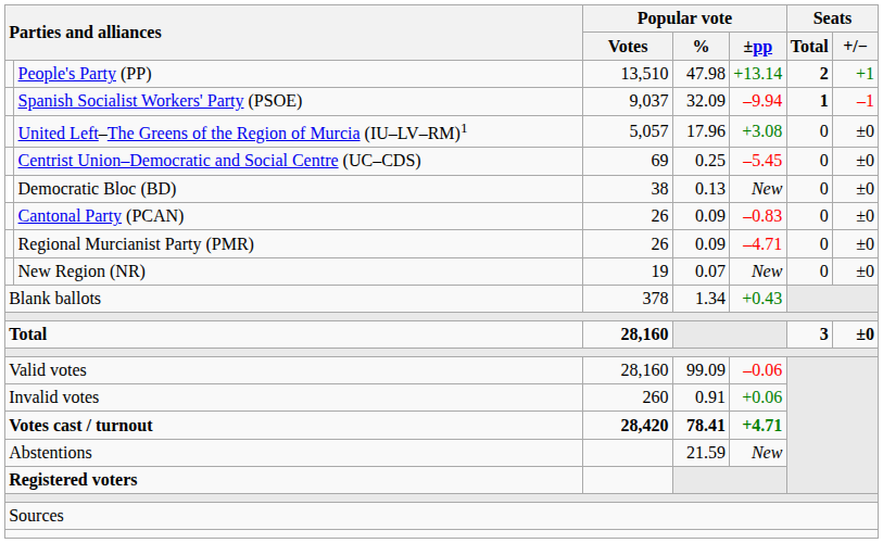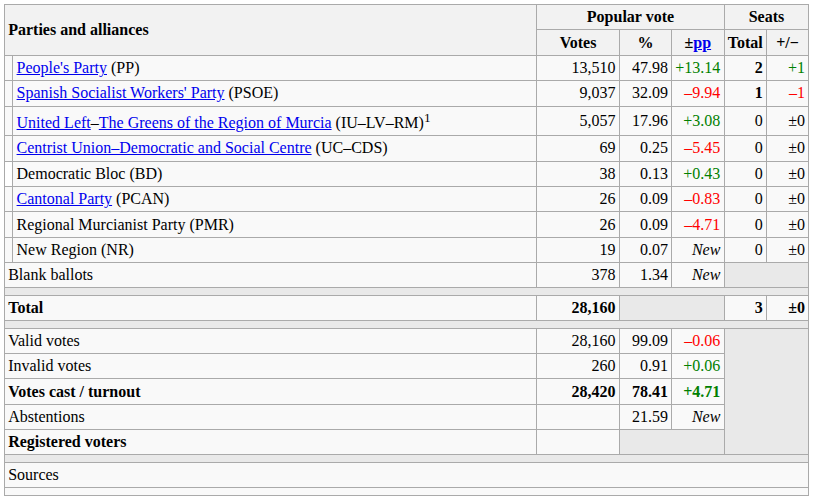 <table class="wikitable" style="text-align:right;">
 <tr>
 <th style="text-align:left;" rowspan="2" colspan="2" width="525">Parties and alliances</th>
 <th colspan="3">Popular vote</th>
 <th colspan="2">Seats</th>
 </tr>
 <tr>
 <th width="75">Votes</th>
 <th width="45">%</th>
 <th width="45">±<a href='#'>pp</a></th>
 <th width="35">Total</th>
 <th width="35">+/−</th>
 </tr>
 <tr>
 <td width="1" style="color:inherit;background:"></td>
 <td align="left"><a href='#'>People's Party</a> (PP)</td>
 <td>13,510</td>
 <td>47.98</td>
 <td style="color:green;">+13.14</td>
 <td><strong>2</strong></td>
 <td style="color:green;">+1</td>
 </tr>
 <tr>
 <td style="color:inherit;background:"></td>
 <td align="left"><a href='#'>Spanish Socialist Workers' Party</a> (PSOE)</td>
 <td>9,037</td>
 <td>32.09</td>
 <td style="color:red;">–9.94</td>
 <td><strong>1</strong></td>
 <td style="color:red;">–1</td>
 </tr>
 <tr>
 <td style="color:inherit;background:"></td>
 <td align="left"><a href='#'>United Left</a>–<a href='#'>The Greens of the Region of Murcia</a> (IU–LV–RM)<sup>1</sup></td>
 <td>5,057</td>
 <td>17.96</td>
 <td style="color:green;">+3.08</td>
 <td>0</td>
 <td>±0</td>
 </tr>
 <tr>
 <td style="color:inherit;background:"></td>
 <td align="left"><a href='#'>Centrist Union–Democratic and Social Centre</a> (UC–CDS)</td>
 <td>69</td>
 <td>0.25</td>
 <td style="color:red;">–5.45</td>
 <td>0</td>
 <td>±0</td>
 </tr>
 <tr>
 <td bgcolor="white"></td>
 <td align="left">Democratic Bloc (BD)</td>
 <td>38</td>
 <td>0.13</td>
-<td><em>New</em></td>
+<td style="color:green;">+0.43</td>
 <td>0</td>
 <td>±0</td>
 </tr>
 <tr>
 <td style="color:inherit;background:"></td>
 <td align="left"><a href='#'>Cantonal Party</a> (PCAN)</td>
 <td>26</td>
 <td>0.09</td>
 <td style="color:red;">–0.83</td>
 <td>0</td>
 <td>±0</td>
 </tr>
 <tr>
 <td style="color:inherit;background:"></td>
 <td align="left">Regional Murcianist Party (PMR)</td>
 <td>26</td>
 <td>0.09</td>
 <td style="color:red;">–4.71</td>
 <td>0</td>
 <td>±0</td>
 </tr>
 <tr>
 <td style="color:inherit;background:"></td>
 <td align="left">New Region (NR)</td>
 <td>19</td>
 <td>0.07</td>
 <td><em>New</em></td>
 <td>0</td>
 <td>±0</td>
 </tr>
 <tr>
 <td align="left" colspan="2">Blank ballots</td>
 <td>378</td>
 <td>1.34</td>
-<td style="color:green;">+0.43</td>
+<td><em>New</em></td>
 <td bgcolor="#E9E9E9" colspan="2"></td>
 </tr>
 <tr>
 <td colspan="7" bgcolor="#E9E9E9"></td>
 </tr>
 <tr style="font-weight:bold;">
 <td align="left" colspan="2">Total</td>
 <td>28,160</td>
 <td bgcolor="#E9E9E9" colspan="2"></td>
 <td>3</td>
 <td>±0</td>
 </tr>
 <tr>
 <td colspan="7" bgcolor="#E9E9E9"></td>
 </tr>
 <tr>
 <td align="left" colspan="2">Valid votes</td>
 <td>28,160</td>
 <td>99.09</td>
 <td style="color:red;">–0.06</td>
 <td bgcolor="#E9E9E9" colspan="2" rowspan="5"></td>
 </tr>
 <tr>
 <td align="left" colspan="2">Invalid votes</td>
 <td>260</td>
 <td>0.91</td>
 <td style="color:green;">+0.06</td>
 </tr>
 <tr style="font-weight:bold;">
 <td align="left" colspan="2">Votes cast / turnout</td>
 <td>28,420</td>
 <td>78.41</td>
 <td style="color:green;">+4.71</td>
 </tr>
 <tr>
 <td align="left" colspan="2">Abstentions</td>
 <td></td>
 <td>21.59</td>
 <td><em>New</em></td>
 </tr>
 <tr style="font-weight:bold;">
 <td align="left" colspan="2">Registered voters</td>
 <td></td>
 <td bgcolor="#E9E9E9" colspan="2"></td>
 </tr>
 <tr>
 <td colspan="7" bgcolor="#E9E9E9"></td>
 </tr>
 <tr>
 <td align="left" colspan="7">Sources</td>
 </tr>
 <tr>
 <td colspan="7" style="text-align:left; max-width:790px;"></td>
 </tr>
 </table>
